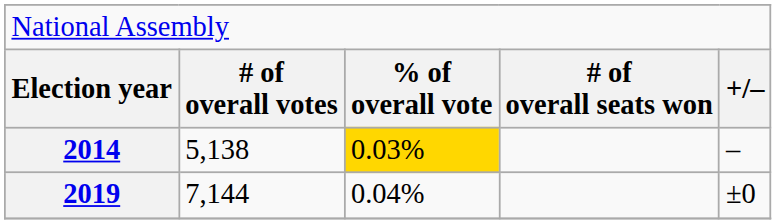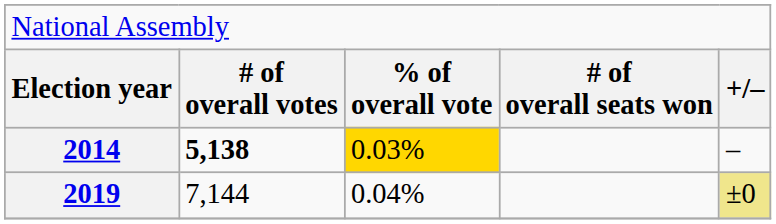 <table class=wikitable>
 <tr>
 <td colspan=6><a href='#'>National Assembly</a></td>
 </tr>
 <tr>
 <th>Election year</th>
 <th># of<br>overall votes</th>
 <th>% of<br>overall vote</th>
 <th># of<br>overall seats won</th>
 <th>+/–</th>
 </tr>
 <tr>
 <th><a href='#'>2014</a></th>
-<td>5,138</td>
+<td><strong>5,138</strong></td>
 <td style="background: gold;">0.03%</td>
 <td></td>
 <td>–</td>
 </tr>
 <tr>
 <th><a href='#'>2019</a></th>
 <td>7,144</td>
 <td>0.04%</td>
 <td></td>
-<td> ±0</td>
+<td style="background: khaki;"> ±0</td>
 </tr>
 <tr>
 </tr>
 </table>
